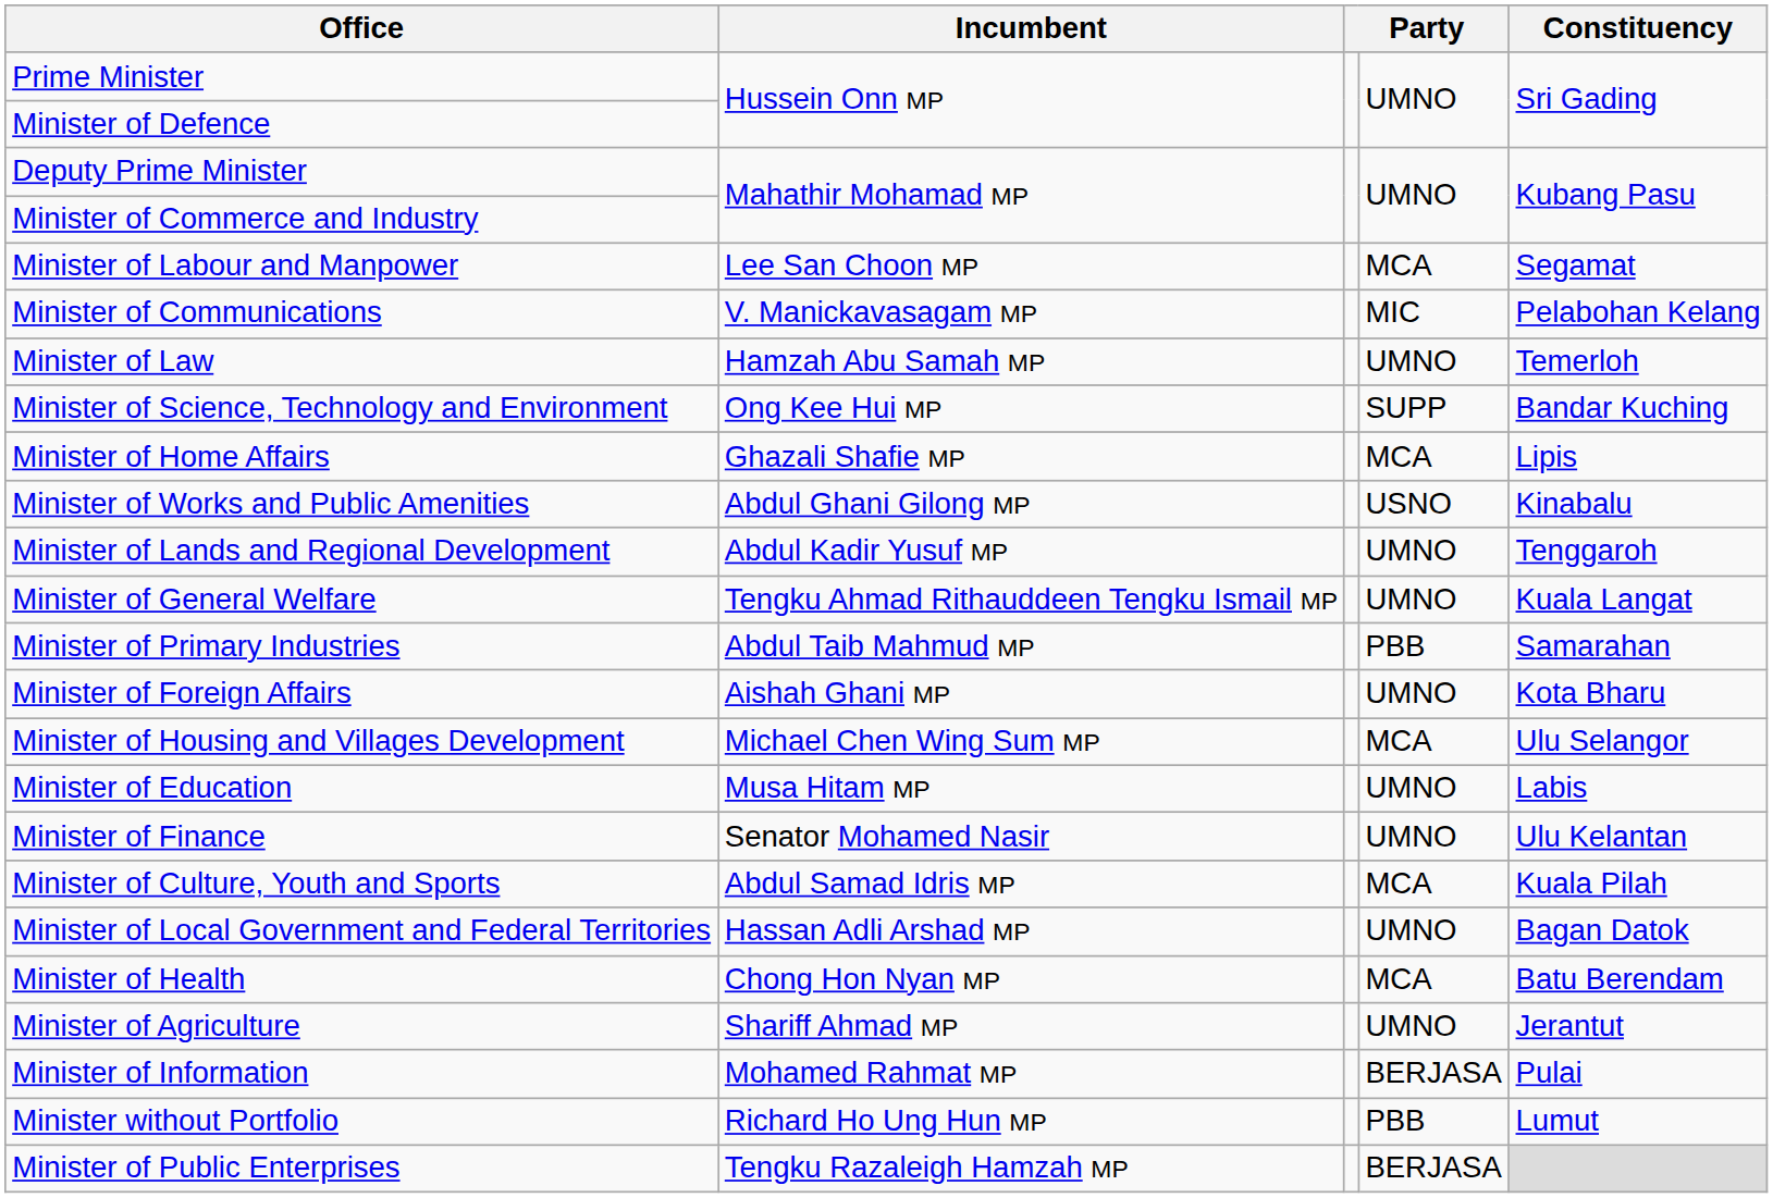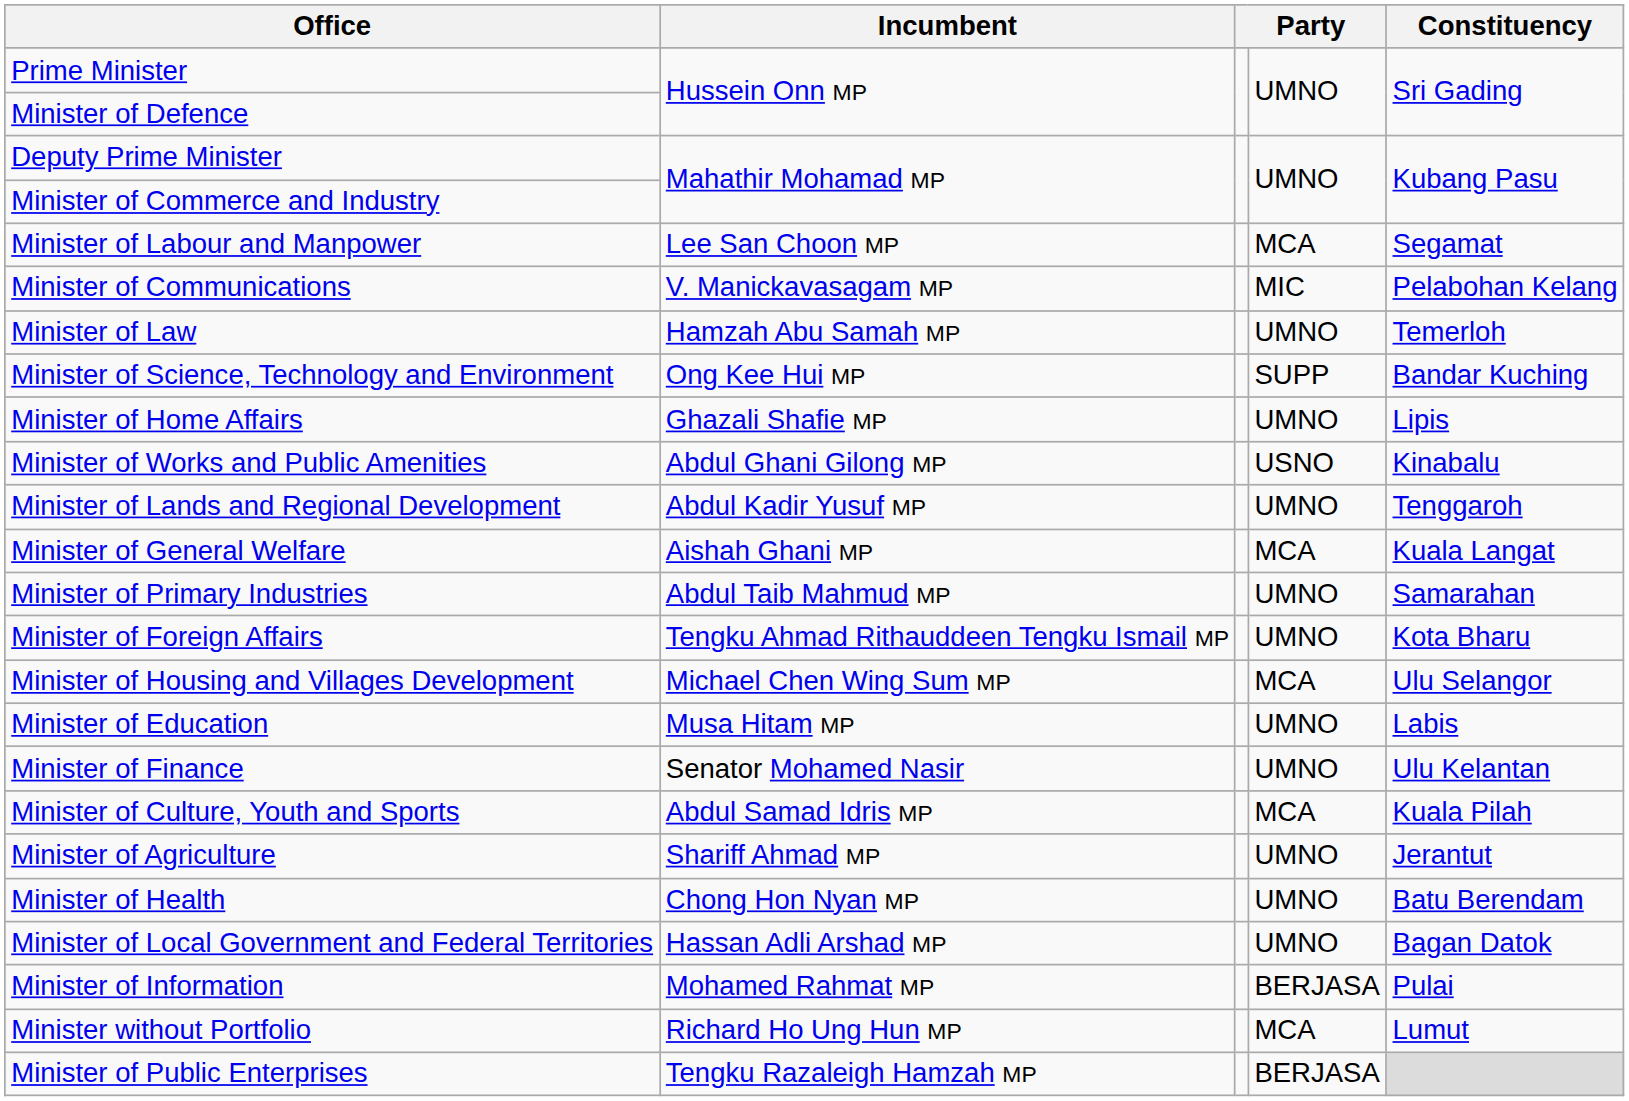 <table class="sortable wikitable">
 <tr>
 <th>Office</th>
 <th>Incumbent</th>
 <th colspan=2>Party</th>
 <th>Constituency</th>
 </tr>
 <tr>
 <td><a href='#'>Prime Minister</a></td>
 <td rowspan=2><a href='#'>Hussein Onn</a> <small>MP</small></td>
 <td rowspan=2></td>
 <td rowspan=2>UMNO</td>
 <td rowspan=2><a href='#'>Sri Gading</a></td>
 </tr>
 <tr>
 <td><a href='#'>Minister of Defence</a></td>
 </tr>
 <tr>
 <td><a href='#'>Deputy Prime Minister</a></td>
 <td rowspan=2><a href='#'>Mahathir Mohamad</a> <small>MP</small></td>
 <td rowspan=2></td>
 <td rowspan=2>UMNO</td>
 <td rowspan=2><a href='#'>Kubang Pasu</a></td>
 </tr>
 <tr>
 <td><a href='#'>Minister of Commerce and Industry</a></td>
 </tr>
 <tr>
 <td><a href='#'>Minister of Labour and Manpower</a></td>
 <td><a href='#'>Lee San Choon</a> <small>MP</small></td>
 <td rowspan=1></td>
 <td>MCA</td>
 <td><a href='#'>Segamat</a></td>
 </tr>
 <tr>
 <td><a href='#'>Minister of Communications</a></td>
 <td><a href='#'>V. Manickavasagam</a> <small>MP</small></td>
 <td rowspan=1></td>
 <td>MIC</td>
 <td><a href='#'>Pelabohan Kelang</a></td>
 </tr>
 <tr>
 <td><a href='#'>Minister of Law</a></td>
 <td><a href='#'>Hamzah Abu Samah</a> <small>MP</small></td>
 <td rowspan=1></td>
 <td>UMNO</td>
 <td><a href='#'>Temerloh</a></td>
 </tr>
 <tr>
 <td><a href='#'>Minister of Science, Technology and Environment</a></td>
 <td><a href='#'>Ong Kee Hui</a> <small>MP</small></td>
 <td rowspan=1></td>
 <td>SUPP</td>
 <td><a href='#'>Bandar Kuching</a></td>
 </tr>
 <tr>
 <td><a href='#'>Minister of Home Affairs</a></td>
 <td><a href='#'>Ghazali Shafie</a> <small>MP</small></td>
 <td rowspan=1></td>
-<td>MCA</td>
+<td>UMNO</td>
 <td><a href='#'>Lipis</a></td>
 </tr>
 <tr>
 <td><a href='#'>Minister of Works and Public Amenities</a></td>
 <td><a href='#'>Abdul Ghani Gilong</a> <small>MP</small></td>
 <td rowspan=1></td>
 <td>USNO</td>
 <td><a href='#'>Kinabalu</a></td>
 </tr>
 <tr>
 <td><a href='#'>Minister of Lands and Regional Development</a></td>
 <td><a href='#'>Abdul Kadir Yusuf</a> <small>MP</small></td>
 <td rowspan=1></td>
 <td>UMNO</td>
 <td><a href='#'>Tenggaroh</a></td>
 </tr>
 <tr>
 <td><a href='#'>Minister of General Welfare</a></td>
-<td><a href='#'>Tengku Ahmad Rithauddeen Tengku Ismail</a> <small>MP</small></td>
+<td><a href='#'>Aishah Ghani</a> <small>MP</small></td>
 <td rowspan=1></td>
-<td>UMNO</td>
+<td>MCA</td>
 <td><a href='#'>Kuala Langat</a></td>
 </tr>
 <tr>
 <td><a href='#'>Minister of Primary Industries</a></td>
 <td><a href='#'>Abdul Taib Mahmud</a> <small>MP</small></td>
 <td rowspan=1></td>
-<td>PBB</td>
+<td>UMNO</td>
 <td><a href='#'>Samarahan</a></td>
 </tr>
 <tr>
 <td><a href='#'>Minister of Foreign Affairs</a></td>
-<td><a href='#'>Aishah Ghani</a> <small>MP</small></td>
+<td><a href='#'>Tengku Ahmad Rithauddeen Tengku Ismail</a> <small>MP</small></td>
 <td rowspan=1></td>
 <td>UMNO</td>
 <td><a href='#'>Kota Bharu</a></td>
 </tr>
 <tr>
 <td><a href='#'>Minister of Housing and Villages Development</a></td>
 <td><a href='#'>Michael Chen Wing Sum</a> <small>MP</small></td>
 <td rowspan=1></td>
 <td>MCA</td>
 <td><a href='#'>Ulu Selangor</a></td>
 </tr>
 <tr>
 <td><a href='#'>Minister of Education</a></td>
 <td><a href='#'>Musa Hitam</a> <small>MP</small></td>
 <td rowspan=1></td>
 <td>UMNO</td>
 <td><a href='#'>Labis</a></td>
 </tr>
 <tr>
 <td><a href='#'>Minister of Finance</a></td>
 <td>Senator <a href='#'>Mohamed Nasir</a></td>
 <td rowspan=1></td>
 <td>UMNO</td>
 <td><a href='#'>Ulu Kelantan</a></td>
 </tr>
 <tr>
 <td><a href='#'>Minister of Culture, Youth and Sports</a></td>
 <td><a href='#'>Abdul Samad Idris</a> <small>MP</small></td>
 <td rowspan=1></td>
 <td>MCA</td>
 <td><a href='#'>Kuala Pilah</a></td>
 </tr>
 <tr>
+<td><a href='#'>Minister of Agriculture</a></td>
+<td><a href='#'>Shariff Ahmad</a> <small>MP</small></td>
+<td rowspan=1></td>
+<td>UMNO</td>
+<td><a href='#'>Jerantut</a></td>
+</tr>
+<tr>
+<td><a href='#'>Minister of Health</a></td>
+<td><a href='#'>Chong Hon Nyan</a> <small>MP</small></td>
+<td rowspan=1></td>
+<td>UMNO</td>
+<td><a href='#'>Batu Berendam</a></td>
+</tr>
+<tr>
 <td><a href='#'>Minister of Local Government and Federal Territories</a></td>
 <td><a href='#'>Hassan Adli Arshad</a> <small>MP</small></td>
 <td rowspan=1></td>
 <td>UMNO</td>
 <td><a href='#'>Bagan Datok</a></td>
-</tr>
-<tr>
-<td><a href='#'>Minister of Health</a></td>
-<td><a href='#'>Chong Hon Nyan</a> <small>MP</small></td>
-<td rowspan=1></td>
-<td>MCA</td>
-<td><a href='#'>Batu Berendam</a></td>
-</tr>
-<tr>
-<td><a href='#'>Minister of Agriculture</a></td>
-<td><a href='#'>Shariff Ahmad</a> <small>MP</small></td>
-<td rowspan=1></td>
-<td>UMNO</td>
-<td><a href='#'>Jerantut</a></td>
 </tr>
 <tr>
 <td><a href='#'>Minister of Information</a></td>
 <td><a href='#'>Mohamed Rahmat</a> <small>MP</small></td>
 <td rowspan=1></td>
 <td>BERJASA</td>
 <td><a href='#'>Pulai</a></td>
 </tr>
 <tr>
 <td><a href='#'>Minister without Portfolio</a></td>
 <td><a href='#'>Richard Ho Ung Hun</a> <small>MP</small></td>
 <td rowspan=1></td>
-<td>PBB</td>
+<td>MCA</td>
 <td><a href='#'>Lumut</a></td>
 </tr>
 <tr>
 <td><a href='#'>Minister of Public Enterprises</a></td>
 <td><a href='#'>Tengku Razaleigh Hamzah</a> <small>MP</small></td>
 <td rowspan=1></td>
 <td>BERJASA</td>
 <td bgcolor=dcdcdc></td>
 </tr>
 </table>
